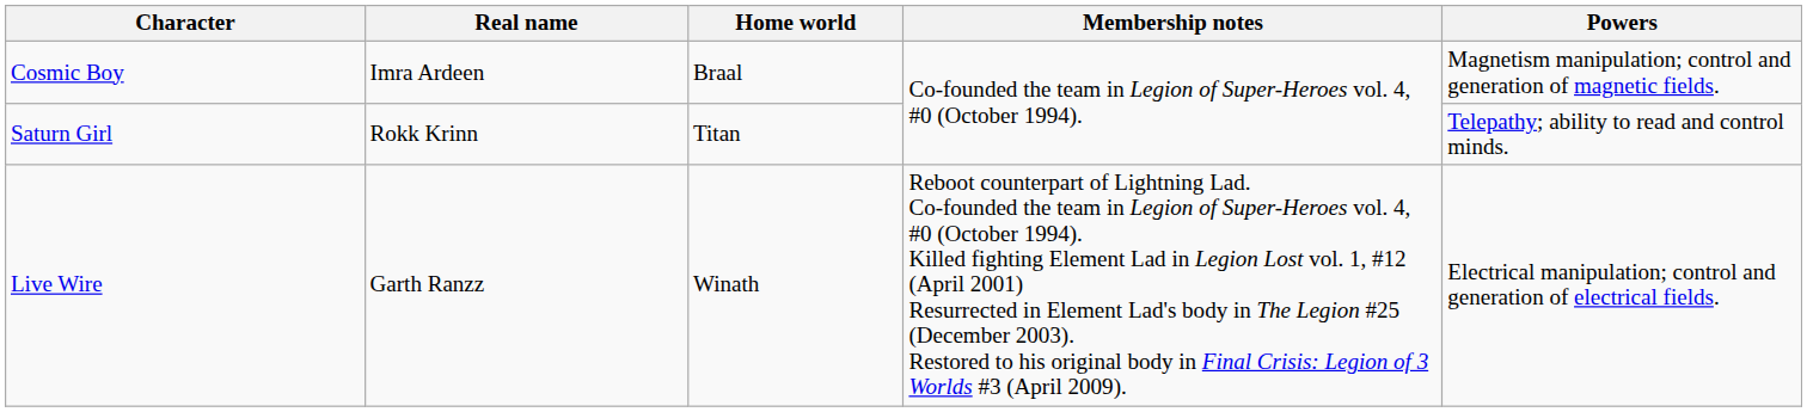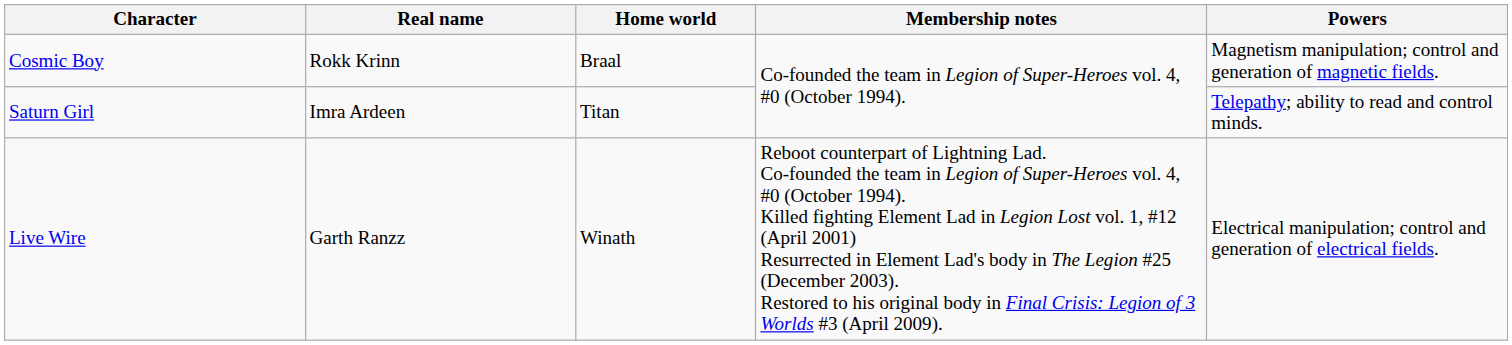 <table class="wikitable" width=100%>
 <tr>
 <th width=20%>Character</th>
 <th width=18%>Real name</th>
 <th width=12%>Home world</th>
 <th width=30%>Membership notes</th>
 <th width=20%>Powers</th>
 </tr>
 <tr>
 <td><a href='#'>Cosmic Boy</a></td>
-<td>Imra Ardeen</td>
+<td>Rokk Krinn</td>
 <td>Braal</td>
 <td rowspan=2>Co-founded the team in <em>Legion of Super-Heroes</em> vol. 4, #0 (October 1994).</td>
 <td>Magnetism manipulation; control and generation of <a href='#'>magnetic fields</a>.</td>
 </tr>
 <tr>
 <td><a href='#'>Saturn Girl</a></td>
-<td>Rokk Krinn</td>
+<td>Imra Ardeen</td>
 <td>Titan</td>
 <td><a href='#'>Telepathy</a>; ability to read and control minds.</td>
 </tr>
 <tr>
 <td><a href='#'>Live Wire</a> </td>
 <td>Garth Ranzz</td>
 <td>Winath</td>
 <td>Reboot counterpart of Lightning Lad.<br>Co-founded the team in <em>Legion of Super-Heroes</em> vol. 4, #0 (October 1994).<br>Killed fighting Element Lad in <em>Legion Lost</em> vol. 1, #12 (April 2001)<br>Resurrected in Element Lad's body in <em>The Legion</em> #25 (December 2003).<br>Restored to his original body in <em><a href='#'>Final Crisis: Legion of 3 Worlds</a></em> #3 (April 2009).</td>
 <td>Electrical manipulation; control and generation of <a href='#'>electrical fields</a>.</td>
 </tr>
 </table>
